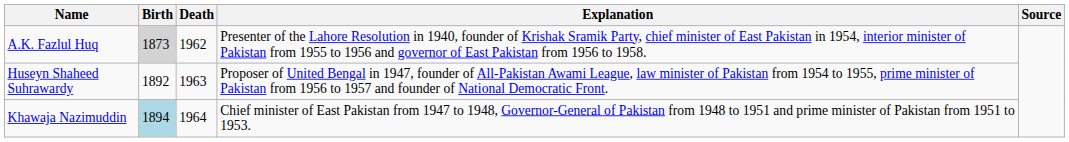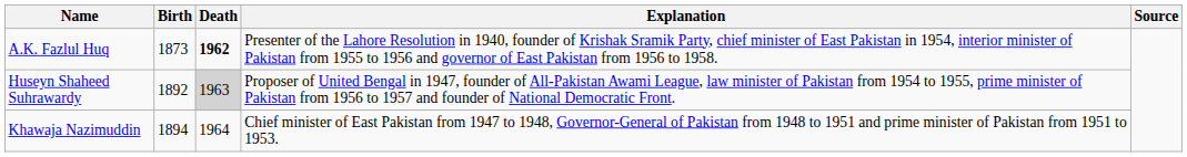 <table class="wikitable">
 <tr>
 <th>Name</th>
 <th>Birth</th>
 <th>Death</th>
 <th>Explanation</th>
 <th>Source</th>
 </tr>
 <tr>
 <td><a href='#'>A.K. Fazlul Huq</a></td>
-<td style="background: lightgrey;">1873</td>
-<td>1962</td>
+<td>1873</td>
+<td><strong>1962</strong></td>
 <td>Presenter of the <a href='#'>Lahore Resolution</a> in 1940, founder of <a href='#'>Krishak Sramik Party</a>, <a href='#'>chief minister of East Pakistan</a> in 1954, <a href='#'>interior minister of Pakistan</a> from 1955 to 1956 and <a href='#'>governor of East Pakistan</a> from 1956 to 1958.</td>
 <td rowspan="3"></td>
 </tr>
 <tr>
 <td><a href='#'>Huseyn Shaheed Suhrawardy</a></td>
 <td>1892</td>
-<td>1963</td>
+<td style="background: lightgrey;">1963</td>
 <td>Proposer of <a href='#'>United Bengal</a> in 1947, founder of <a href='#'>All-Pakistan Awami League</a>, <a href='#'>law minister of Pakistan</a> from 1954 to 1955, <a href='#'>prime minister of Pakistan</a> from 1956 to 1957 and founder of <a href='#'>National Democratic Front</a>.</td>
 </tr>
 <tr>
 <td><a href='#'>Khawaja Nazimuddin</a></td>
-<td style="background: lightblue;">1894</td>
+<td>1894</td>
 <td>1964</td>
 <td>Chief minister of East Pakistan from 1947 to 1948, <a href='#'>Governor-General of Pakistan</a> from 1948 to 1951 and prime minister of Pakistan from 1951 to 1953.</td>
 </tr>
 </table>
